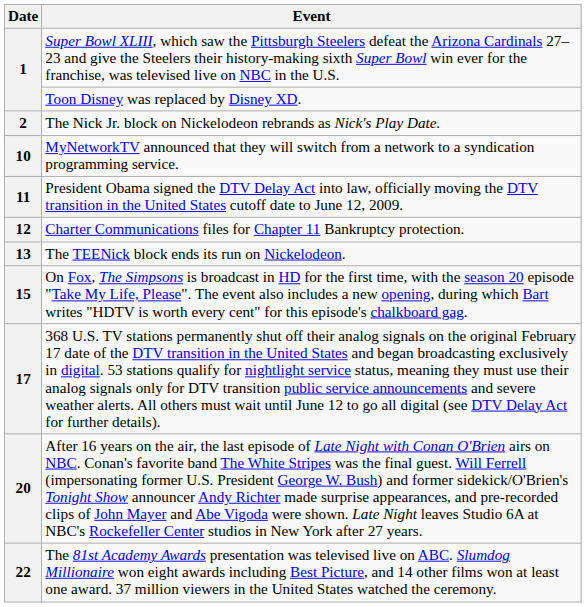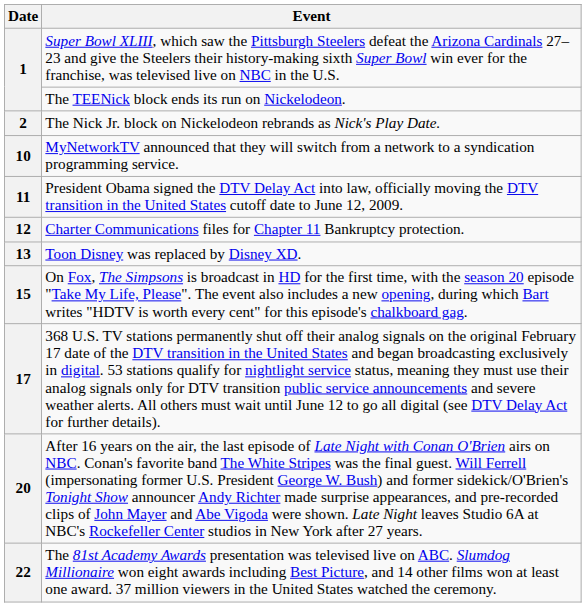 <table class="wikitable">
 <tr>
 <th>Date</th>
 <th>Event</th>
 </tr>
 <tr>
 <th rowspan="2">1</th>
 <td><em><a href='#'>Super Bowl XLIII</a></em>, which saw the <a href='#'>Pittsburgh Steelers</a> defeat the <a href='#'>Arizona Cardinals</a> 27–23 and give the Steelers their history-making sixth <em><a href='#'>Super Bowl</a></em> win ever for the franchise, was televised live on <a href='#'>NBC</a> in the U.S.</td>
 </tr>
 <tr>
-<td><a href='#'>Toon Disney</a> was replaced by <a href='#'>Disney XD</a>.</td>
+<td>The <a href='#'>TEENick</a> block ends its run on <a href='#'>Nickelodeon</a>.</td>
 </tr>
 <tr>
 <th>2</th>
 <td>The Nick Jr. block on Nickelodeon rebrands as <em>Nick's Play Date.</em></td>
 </tr>
 <tr>
 <th>10</th>
 <td><a href='#'>MyNetworkTV</a> announced that they will switch from a network to a syndication programming service.</td>
 </tr>
 <tr>
 <th>11</th>
 <td>President Obama signed the <a href='#'>DTV Delay Act</a> into law, officially moving the <a href='#'>DTV transition in the United States</a> cutoff date to June 12, 2009.</td>
 </tr>
 <tr>
 <th>12</th>
 <td><a href='#'>Charter Communications</a> files for <a href='#'>Chapter 11</a> Bankruptcy protection.</td>
 </tr>
 <tr>
 <th>13</th>
-<td>The <a href='#'>TEENick</a> block ends its run on <a href='#'>Nickelodeon</a>.</td>
+<td><a href='#'>Toon Disney</a> was replaced by <a href='#'>Disney XD</a>.</td>
 </tr>
 <tr>
 <th>15</th>
 <td>On <a href='#'>Fox</a>, <em><a href='#'>The Simpsons</a></em> is broadcast in <a href='#'>HD</a> for the first time, with the <a href='#'>season 20</a> episode "<a href='#'>Take My Life, Please</a>". The event also includes a new <a href='#'>opening</a>, during which <a href='#'>Bart</a> writes "HDTV is worth every cent" for this episode's <a href='#'>chalkboard gag</a>.</td>
 </tr>
 <tr>
 <th>17</th>
 <td>368 U.S. TV stations permanently shut off their analog signals on the original February 17 date of the <a href='#'>DTV transition in the United States</a> and began broadcasting exclusively in <a href='#'>digital</a>. 53 stations qualify for <a href='#'>nightlight service</a> status, meaning they must use their analog signals only for DTV transition <a href='#'>public service announcements</a> and severe weather alerts. All others must wait until June 12 to go all digital (see <a href='#'>DTV Delay Act</a> for further details).</td>
 </tr>
 <tr>
 <th>20</th>
 <td>After 16 years on the air, the last episode of <em><a href='#'>Late Night with Conan O'Brien</a></em> airs on <a href='#'>NBC</a>. Conan's favorite band <a href='#'>The White Stripes</a> was the final guest. <a href='#'>Will Ferrell</a> (impersonating former U.S. President <a href='#'>George W. Bush</a>) and former sidekick/O'Brien's <em><a href='#'>Tonight Show</a></em> announcer <a href='#'>Andy Richter</a> made surprise appearances, and pre-recorded clips of <a href='#'>John Mayer</a> and <a href='#'>Abe Vigoda</a> were shown. <em>Late Night</em> leaves Studio 6A at NBC's <a href='#'>Rockefeller Center</a> studios in New York after 27 years.</td>
 </tr>
 <tr>
 <th>22</th>
 <td>The <em><a href='#'>81st Academy Awards</a></em> presentation was televised live on <a href='#'>ABC</a>. <em><a href='#'>Slumdog Millionaire</a></em> won eight awards including <a href='#'>Best Picture</a>, and 14 other films won at least one award. 37 million viewers in the United States watched the ceremony.</td>
 </tr>
 </table>
